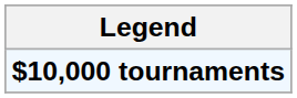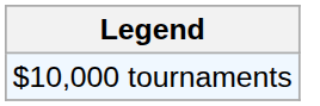 <table class=wikitable style=font-size:90%>
 <tr>
 <th>Legend</th>
 </tr>
 <tr style="background:#f0f8ff;">
-<td><strong>$10,000 tournaments</strong></td>
+<td>$10,000 tournaments</td>
 </tr>
 </table>
